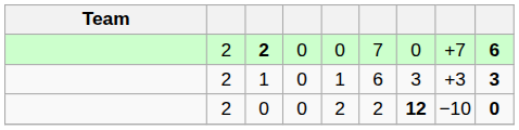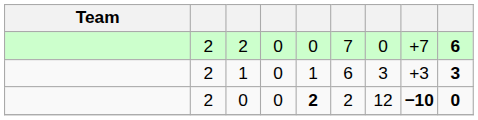 <table class=wikitable style="text-align:center">
 <tr>
 <th width=165>Team</th>
 <th width=25></th>
 <th width=25></th>
 <th width=25></th>
 <th width=25></th>
 <th width=25></th>
 <th width=25></th>
 <th width=25></th>
 <th width=25></th>
 </tr>
 <tr style="background:#ccffcc">
 <td style="text-align:left"></td>
 <td>2</td>
-<td><strong>2</strong></td>
+<td>2</td>
 <td>0</td>
 <td>0</td>
 <td>7</td>
 <td>0</td>
 <td>+7</td>
 <td><strong>6</strong></td>
 </tr>
 <tr>
 <td style="text-align:left"></td>
 <td>2</td>
 <td>1</td>
 <td>0</td>
 <td>1</td>
 <td>6</td>
 <td>3</td>
 <td>+3</td>
 <td><strong>3</strong></td>
 </tr>
 <tr>
 <td style="text-align:left"></td>
 <td>2</td>
 <td>0</td>
 <td>0</td>
+<td><strong>2</strong></td>
 <td>2</td>
-<td>2</td>
-<td><strong>12</strong></td>
-<td>−10</td>
+<td>12</td>
+<td><strong>−10</strong></td>
 <td><strong>0</strong></td>
 </tr>
 <tr>
 </tr>
 </table>
